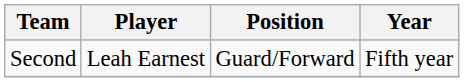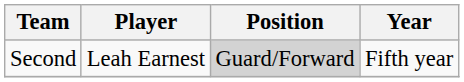 <table class="wikitable" border="1">
 <tr align=center>
 <th style= >Team</th>
 <th style= >Player</th>
 <th style= >Position</th>
 <th style= >Year</th>
 </tr>
 <tr>
 <td>Second</td>
 <td>Leah Earnest</td>
-<td>Guard/Forward</td>
+<td style="background: lightgrey;">Guard/Forward</td>
 <td>Fifth year</td>
 </tr>
 <tr>
 </tr>
 </table>
